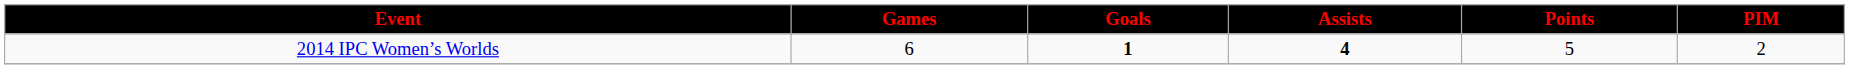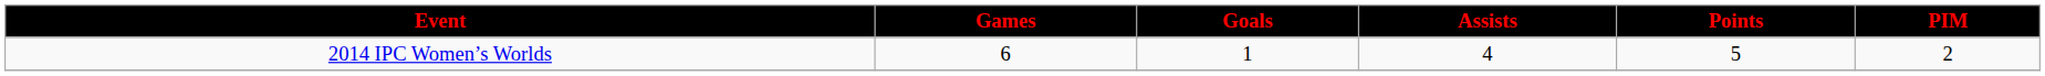 <table class="wikitable" width="80%">
 <tr align="center"  style="background:black;color:red;">
 <td><strong>Event</strong></td>
 <td><strong>Games</strong></td>
 <td><strong>Goals</strong></td>
 <td><strong>Assists</strong></td>
 <td><strong>Points</strong></td>
 <td><strong>PIM</strong></td>
 </tr>
 <tr align="center" bgcolor="">
 <td><a href='#'>2014 IPC Women’s Worlds</a></td>
 <td>6</td>
-<td><strong>1</strong></td>
-<td><strong>4</strong></td>
+<td>1</td>
+<td>4</td>
 <td>5</td>
 <td>2</td>
 </tr>
 <tr align="center" bgcolor="">
 </tr>
 </table>
